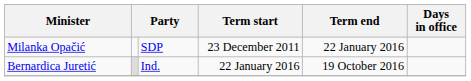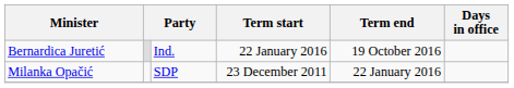 <table class="wikitable" style="text-align: left;">
 <tr>
 <th width="160">Minister</th>
 <th colspan=2 width="80">Party</th>
 <th width="130">Term start</th>
 <th width="130">Term end</th>
 <th width=70>Days<br> in office</th>
+</tr>
+<tr>
+<td><a href='#'>Bernardica Juretić</a></td>
+<td style="background-color: #DDDDDD" width="1px"></td>
+<td><a href='#'>Ind.</a></td>
+<td align=right>22 January 2016</td>
+<td align=right>19 October 2016</td>
+<td align=right></td>
 </tr>
 <tr>
 <td><a href='#'>Milanka Opačić</a></td>
 <td style="background-color: "></td>
 <td><a href='#'>SDP</a></td>
 <td align=right>23 December 2011</td>
 <td align=right>22 January 2016</td>
 <td align=right></td>
 </tr>
 <tr>
-<td><a href='#'>Bernardica Juretić</a></td>
-<td style="background-color: #DDDDDD" width="1px"></td>
-<td><a href='#'>Ind.</a></td>
-<td align=right>22 January 2016</td>
-<td align=right>19 October 2016</td>
-<td align=right></td>
-</tr>
-<tr>
 </tr>
 </table>
